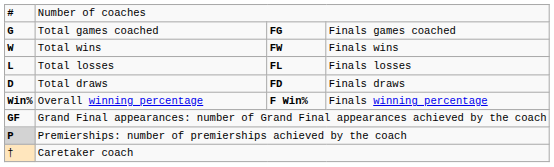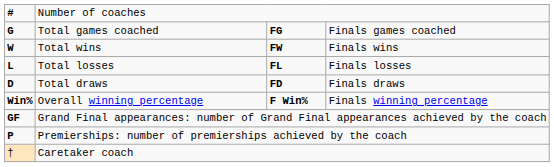 <table class="wikitable" style="font-size:80%;">
 <tr>
 <td><strong>#</strong></td>
 <td colspan=3>Number of coaches</td>
 </tr>
 <tr>
 <td><strong>G</strong></td>
 <td>Total games coached</td>
 <td><strong>FG</strong></td>
 <td>Finals games coached</td>
 </tr>
 <tr>
 <td><strong>W</strong></td>
 <td>Total wins</td>
 <td><strong>FW</strong></td>
 <td>Finals wins</td>
 </tr>
 <tr>
 <td><strong>L</strong></td>
 <td>Total losses</td>
 <td><strong>FL</strong></td>
 <td>Finals losses</td>
 </tr>
 <tr>
 <td><strong>D</strong></td>
 <td>Total draws</td>
 <td><strong>FD</strong></td>
 <td>Finals draws</td>
 </tr>
 <tr>
 <td><strong>Win%</strong></td>
 <td>Overall <a href='#'>winning percentage</a></td>
 <td><strong>F Win%</strong></td>
 <td>Finals <a href='#'>winning percentage</a></td>
 </tr>
 <tr>
 <td><strong>GF</strong></td>
 <td colspan=3>Grand Final appearances: number of Grand Final appearances achieved by the coach</td>
 </tr>
 <tr>
-<td style="background: lightgrey;"><strong>P</strong></td>
+<td><strong>P</strong></td>
 <td colspan=3>Premierships: number of premierships achieved by the coach</td>
 </tr>
 <tr>
 <td style="background-color:#ffe6bd">†</td>
 <td colspan=3>Caretaker coach<br></td>
 </tr>
 </table>
